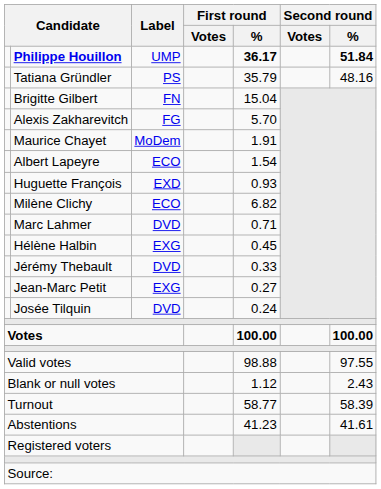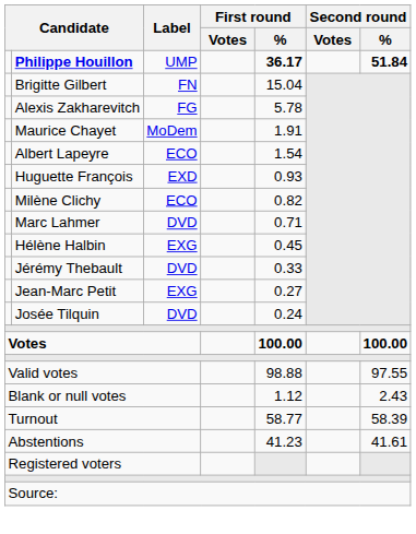 <table class="wikitable" style="text-align:right;font-size:95%;">
 <tr>
 <th rowspan="2" colspan="2">Candidate</th>
 <th rowspan="2">Label</th>
 <th colspan="2">First round</th>
 <th colspan="2">Second round</th>
 </tr>
 <tr>
 <th style="width:50px;">Votes</th>
 <th style="width:45px;">%</th>
 <th style="width:50px;">Votes</th>
 <th style="width:45px;">%</th>
 </tr>
 <tr>
 <td style="color:inherit;background:"></td>
 <td style="text-align:left;"><strong><a href='#'>Philippe Houillon</a></strong></td>
 <td><a href='#'>UMP</a></td>
 <td></td>
 <td><strong>36.17</strong></td>
 <td><strong></strong></td>
 <td><strong>51.84</strong></td>
 </tr>
 <tr>
 <td style="color:inherit;background:"></td>
-<td style="text-align:left;">Tatiana Gründler</td>
-<td><a href='#'>PS</a></td>
-<td></td>
-<td>35.79</td>
-<td></td>
-<td>48.16</td>
-</tr>
-<tr>
-<td style="color:inherit;background:"></td>
 <td style="text-align:left;">Brigitte Gilbert</td>
 <td><a href='#'>FN</a></td>
 <td></td>
 <td>15.04</td>
 <td colspan="2" rowspan="11" style="background:#E9E9E9;"></td>
 </tr>
 <tr>
 <td style="color:inherit;background:"></td>
 <td style="text-align:left;">Alexis Zakharevitch</td>
 <td><a href='#'>FG</a></td>
 <td></td>
-<td>5.70</td>
+<td>5.78</td>
 </tr>
 <tr>
 <td style="color:inherit;background:"></td>
 <td style="text-align:left;">Maurice Chayet</td>
 <td><a href='#'>MoDem</a></td>
 <td></td>
 <td>1.91</td>
 </tr>
 <tr>
 <td style="color:inherit;background:"></td>
 <td style="text-align:left;">Albert Lapeyre</td>
 <td><a href='#'>ECO</a></td>
 <td></td>
 <td>1.54</td>
 </tr>
 <tr>
 <td style="color:inherit;background:"></td>
 <td style="text-align:left;">Huguette François</td>
 <td><a href='#'>EXD</a></td>
 <td></td>
 <td>0.93</td>
 </tr>
 <tr>
 <td style="color:inherit;background:"></td>
 <td style="text-align:left;">Milène Clichy</td>
 <td><a href='#'>ECO</a></td>
 <td></td>
-<td>6.82</td>
+<td>0.82</td>
 </tr>
 <tr>
 <td style="color:inherit;background:"></td>
 <td style="text-align:left;">Marc Lahmer</td>
 <td><a href='#'>DVD</a></td>
 <td></td>
 <td>0.71</td>
 </tr>
 <tr>
 <td style="color:inherit;background:"></td>
 <td style="text-align:left;">Hélène Halbin</td>
 <td><a href='#'>EXG</a></td>
 <td></td>
 <td>0.45</td>
 </tr>
 <tr>
 <td style="color:inherit;background:"></td>
 <td style="text-align:left;">Jérémy Thebault</td>
 <td><a href='#'>DVD</a></td>
 <td></td>
 <td>0.33</td>
 </tr>
 <tr>
 <td style="color:inherit;background:"></td>
 <td style="text-align:left;">Jean-Marc Petit</td>
 <td><a href='#'>EXG</a></td>
 <td></td>
 <td>0.27</td>
 </tr>
 <tr>
 <td style="color:inherit;background:"></td>
 <td style="text-align:left;">Josée Tilquin</td>
 <td><a href='#'>DVD</a></td>
 <td></td>
 <td>0.24</td>
 </tr>
 <tr>
 <td colspan="7" style="background:#E9E9E9;"></td>
 </tr>
 <tr style="font-weight:bold;">
 <td colspan="3" style="text-align:left;">Votes</td>
 <td></td>
 <td>100.00</td>
 <td></td>
 <td>100.00</td>
 </tr>
 <tr>
 <td colspan="7" style="background:#E9E9E9;"></td>
 </tr>
 <tr>
 <td colspan="3" style="text-align:left;">Valid votes</td>
 <td></td>
 <td>98.88</td>
 <td></td>
 <td>97.55</td>
 </tr>
 <tr>
 <td colspan="3" style="text-align:left;">Blank or null votes</td>
 <td></td>
 <td>1.12</td>
 <td></td>
 <td>2.43</td>
 </tr>
 <tr>
 <td colspan="3" style="text-align:left;">Turnout</td>
 <td></td>
 <td>58.77</td>
 <td></td>
 <td>58.39</td>
 </tr>
 <tr>
 <td colspan="3" style="text-align:left;">Abstentions</td>
 <td></td>
 <td>41.23</td>
 <td></td>
 <td>41.61</td>
 </tr>
 <tr>
 <td colspan="3" style="text-align:left;">Registered voters</td>
 <td></td>
 <td style="color:inherit;background:#E9E9E9;"></td>
 <td></td>
 <td style="color:inherit;background:#E9E9E9;"></td>
 </tr>
 <tr>
 <td colspan="7" style="background:#E9E9E9;"></td>
 </tr>
 <tr>
 <td colspan="7" style="text-align:left;">Source: </td>
 </tr>
 </table>
